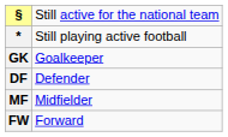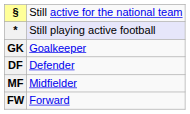 <table class="wikitable">
 <tr>
 <th scope="row" style="background-color:#FFFF99">§</th>
 <td>Still <a href='#'>active for the national team</a></td>
 </tr>
 <tr>
 <th scope="row">*</th>
-<td>Still playing active football</td>
+<td style="background: lavender;">Still playing active football</td>
 </tr>
 <tr>
 <th scope="row">GK</th>
 <td colspan="3"><a href='#'>Goalkeeper</a></td>
 </tr>
 <tr>
 <th scope="row">DF</th>
 <td colspan="3"><a href='#'>Defender</a></td>
 </tr>
 <tr>
 <th scope="row">MF</th>
 <td colspan="3"><a href='#'>Midfielder</a></td>
 </tr>
 <tr>
 <th scope="row">FW</th>
 <td colspan="3"><a href='#'>Forward</a></td>
 </tr>
 </table>
